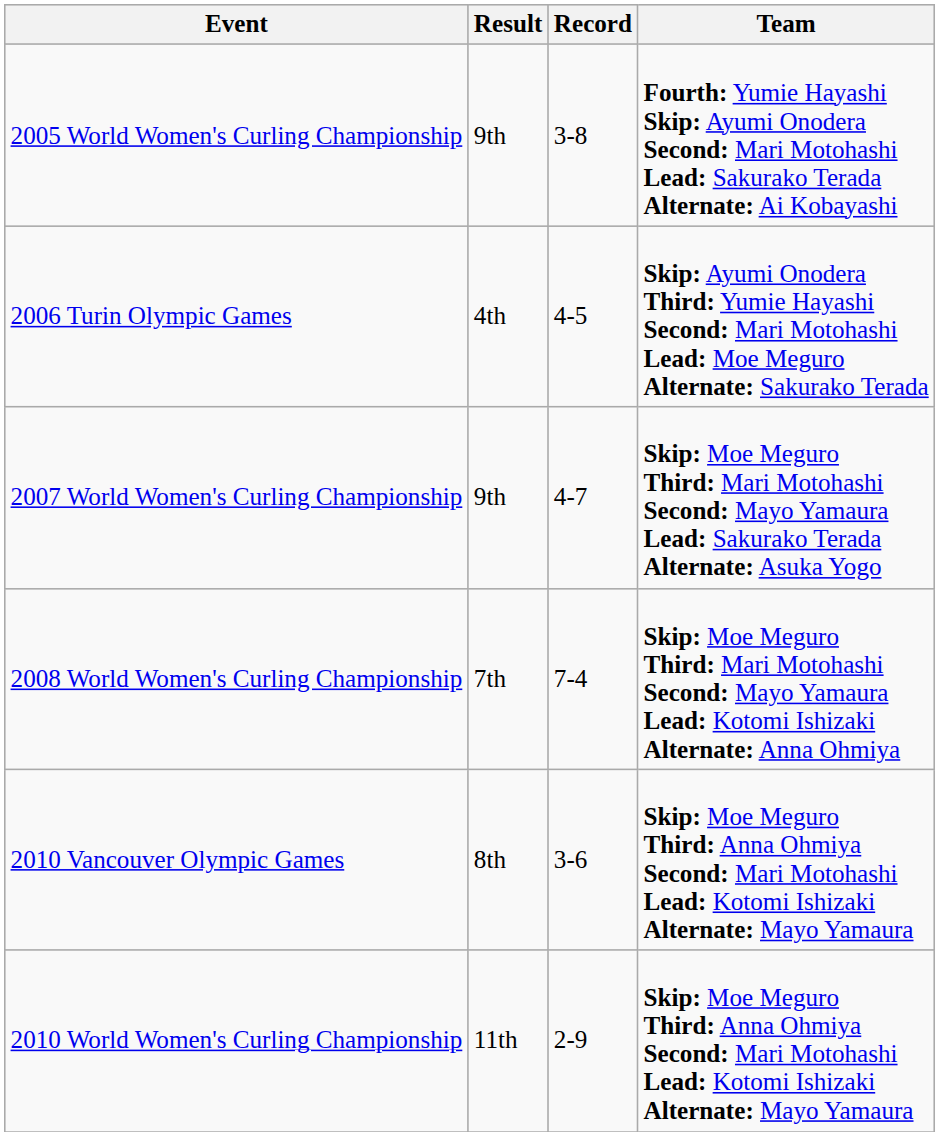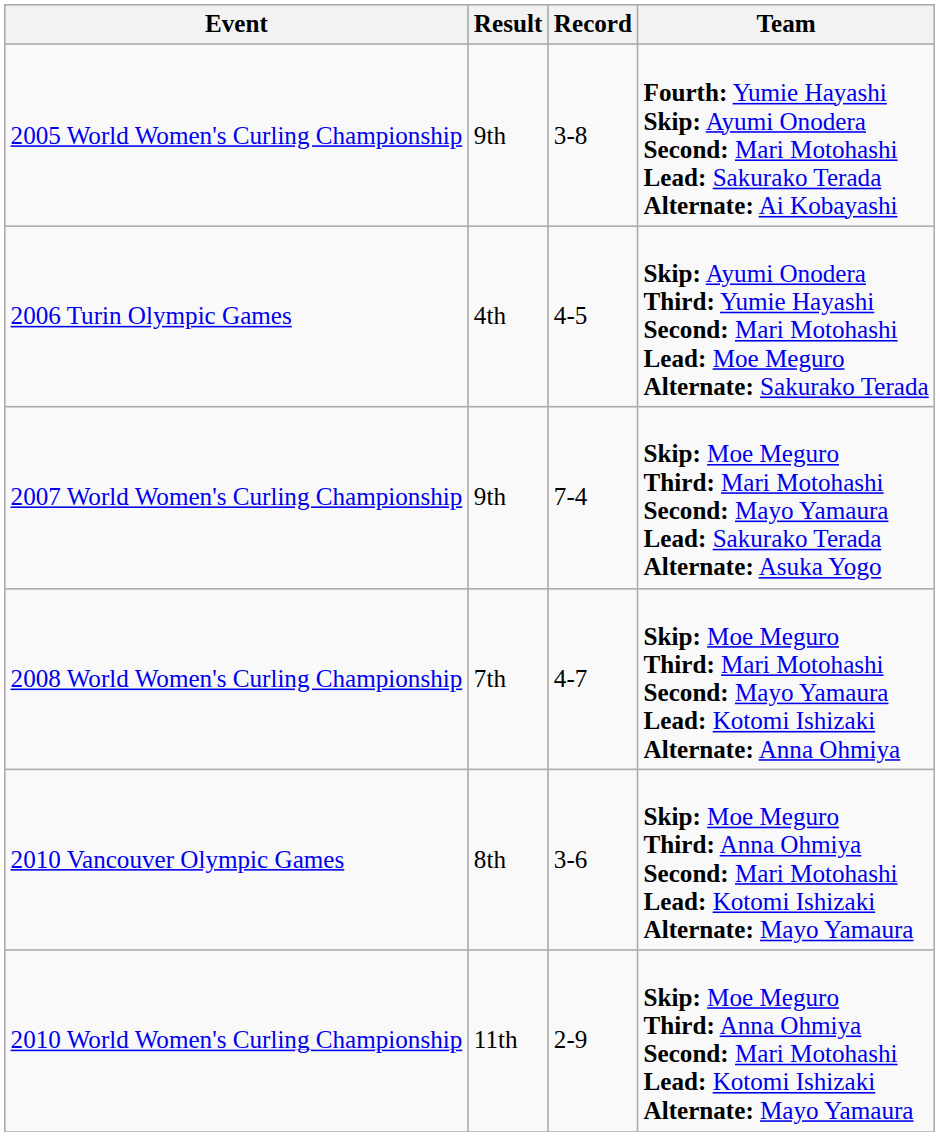 <table class="wikitable">
 <tr>
 <th>Event</th>
 <th>Result</th>
 <th>Record</th>
 <th>Team</th>
 </tr>
 <tr>
 <td><a href='#'>2005 World Women's Curling Championship</a></td>
 <td>9th</td>
 <td>3-8</td>
 <td><br><strong>Fourth:</strong> <a href='#'>Yumie Hayashi</a><br> <strong>Skip:</strong> <a href='#'>Ayumi Onodera</a><br> <strong>Second:</strong> <a href='#'>Mari Motohashi</a><br> <strong>Lead:</strong> <a href='#'>Sakurako Terada</a><br> <strong>Alternate:</strong> <a href='#'>Ai Kobayashi</a></td>
 </tr>
 <tr>
 <td><a href='#'>2006 Turin Olympic Games</a></td>
 <td>4th</td>
 <td>4-5</td>
 <td><br><strong>Skip:</strong> <a href='#'>Ayumi Onodera</a><br> <strong>Third:</strong> <a href='#'>Yumie Hayashi</a><br> <strong>Second:</strong> <a href='#'>Mari Motohashi</a><br> <strong>Lead:</strong> <a href='#'>Moe Meguro</a><br> <strong>Alternate:</strong> <a href='#'>Sakurako Terada</a></td>
 </tr>
 <tr>
 <td><a href='#'>2007 World Women's Curling Championship</a></td>
 <td>9th</td>
-<td>4-7</td>
+<td>7-4</td>
 <td><br><strong>Skip:</strong> <a href='#'>Moe Meguro</a><br> <strong>Third:</strong> <a href='#'>Mari Motohashi</a><br> <strong>Second:</strong> <a href='#'>Mayo Yamaura</a><br> <strong>Lead:</strong> <a href='#'>Sakurako Terada</a><br> <strong>Alternate:</strong> <a href='#'>Asuka Yogo</a></td>
 </tr>
 <tr>
 <td><a href='#'>2008 World Women's Curling Championship</a></td>
 <td>7th</td>
-<td>7-4</td>
+<td>4-7</td>
 <td><br><strong>Skip:</strong> <a href='#'>Moe Meguro</a><br> <strong>Third:</strong> <a href='#'>Mari Motohashi</a><br> <strong>Second:</strong> <a href='#'>Mayo Yamaura</a><br> <strong>Lead:</strong> <a href='#'>Kotomi Ishizaki</a><br> <strong>Alternate:</strong> <a href='#'>Anna Ohmiya</a></td>
 </tr>
 <tr>
 <td><a href='#'>2010 Vancouver Olympic Games</a></td>
 <td>8th</td>
 <td>3-6</td>
 <td><br><strong>Skip:</strong> <a href='#'>Moe Meguro</a><br> <strong>Third:</strong> <a href='#'>Anna Ohmiya</a><br> <strong>Second:</strong> <a href='#'>Mari Motohashi</a><br> <strong>Lead:</strong> <a href='#'>Kotomi Ishizaki</a><br> <strong>Alternate:</strong> <a href='#'>Mayo Yamaura</a></td>
 </tr>
 <tr>
 <td><a href='#'>2010 World Women's Curling Championship</a></td>
 <td>11th</td>
 <td>2-9</td>
 <td><br><strong>Skip:</strong> <a href='#'>Moe Meguro</a><br> <strong>Third:</strong> <a href='#'>Anna Ohmiya</a><br> <strong>Second:</strong> <a href='#'>Mari Motohashi</a><br> <strong>Lead:</strong> <a href='#'>Kotomi Ishizaki</a><br> <strong>Alternate:</strong> <a href='#'>Mayo Yamaura</a></td>
 </tr>
 </table>
